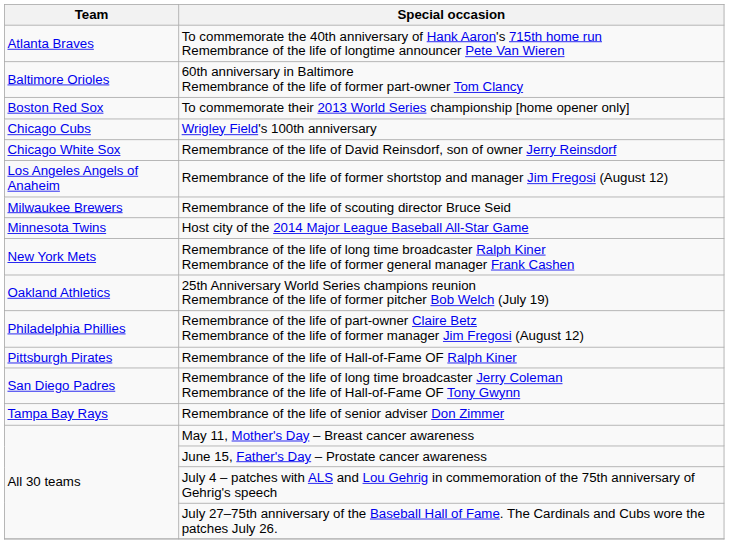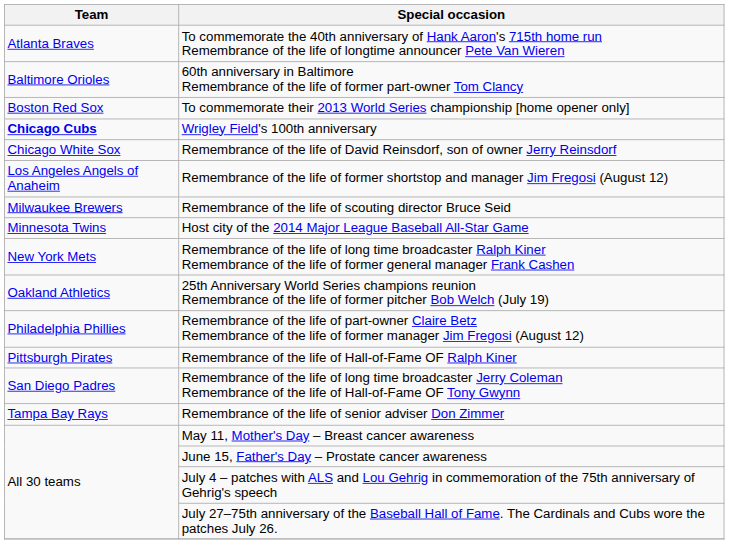 <table class="wikitable">
 <tr>
 <th>Team</th>
 <th>Special occasion</th>
 </tr>
 <tr>
 <td><a href='#'>Atlanta Braves</a></td>
 <td>To commemorate the 40th anniversary of <a href='#'>Hank Aaron</a>'s <a href='#'>715th home run</a><br>Remembrance of the life of longtime announcer <a href='#'>Pete Van Wieren</a></td>
 </tr>
 <tr>
 <td><a href='#'>Baltimore Orioles</a></td>
 <td>60th anniversary in Baltimore<br>Remembrance of the life of former part-owner <a href='#'>Tom Clancy</a></td>
 </tr>
 <tr>
 <td><a href='#'>Boston Red Sox</a></td>
 <td>To commemorate their <a href='#'>2013 World Series</a> championship [home opener only]</td>
 </tr>
 <tr>
-<td><a href='#'>Chicago Cubs</a></td>
+<td><strong><a href='#'>Chicago Cubs</a></strong></td>
 <td><a href='#'>Wrigley Field</a>'s 100th anniversary</td>
 </tr>
 <tr>
 <td><a href='#'>Chicago White Sox</a></td>
 <td>Remembrance of the life of David Reinsdorf, son of owner <a href='#'>Jerry Reinsdorf</a></td>
 </tr>
 <tr>
 <td><a href='#'>Los Angeles Angels of Anaheim</a></td>
 <td>Remembrance of the life of former shortstop and manager <a href='#'>Jim Fregosi</a> (August 12)</td>
 </tr>
 <tr>
 <td><a href='#'>Milwaukee Brewers</a></td>
 <td>Remembrance of the life of scouting director Bruce Seid</td>
 </tr>
 <tr>
 <td><a href='#'>Minnesota Twins</a></td>
 <td>Host city of the <a href='#'>2014 Major League Baseball All-Star Game</a></td>
 </tr>
 <tr>
 <td><a href='#'>New York Mets</a></td>
 <td>Remembrance of the life of long time broadcaster <a href='#'>Ralph Kiner</a><br>Remembrance of the life of former general manager <a href='#'>Frank Cashen</a></td>
 </tr>
 <tr>
 <td><a href='#'>Oakland Athletics</a></td>
 <td>25th Anniversary World Series champions reunion<br>Remembrance of the life of former pitcher <a href='#'>Bob Welch</a> (July 19)</td>
 </tr>
 <tr>
 <td><a href='#'>Philadelphia Phillies</a></td>
 <td>Remembrance of the life of part-owner <a href='#'>Claire Betz</a><br>Remembrance of the life of former manager <a href='#'>Jim Fregosi</a> (August 12)</td>
 </tr>
 <tr>
 <td><a href='#'>Pittsburgh Pirates</a></td>
 <td>Remembrance of the life of Hall-of-Fame OF <a href='#'>Ralph Kiner</a></td>
 </tr>
 <tr>
 <td><a href='#'>San Diego Padres</a></td>
 <td>Remembrance of the life of long time broadcaster <a href='#'>Jerry Coleman</a><br>Remembrance of the life of Hall-of-Fame OF <a href='#'>Tony Gwynn</a></td>
 </tr>
 <tr>
 <td><a href='#'>Tampa Bay Rays</a></td>
 <td>Remembrance of the life of senior adviser <a href='#'>Don Zimmer</a></td>
 </tr>
 <tr>
 <td rowspan="4">All 30 teams</td>
 <td>May 11, <a href='#'>Mother's Day</a> – Breast cancer awareness</td>
 </tr>
 <tr>
 <td>June 15, <a href='#'>Father's Day</a> – Prostate cancer awareness</td>
 </tr>
 <tr>
 <td>July 4 – patches with <a href='#'>ALS</a> and <a href='#'>Lou Gehrig</a> in commemoration of the 75th anniversary of Gehrig's speech</td>
 </tr>
 <tr>
 <td>July 27–75th anniversary of the <a href='#'>Baseball Hall of Fame</a>. The Cardinals and Cubs wore the patches July 26.</td>
 </tr>
 <tr>
 </tr>
 </table>
